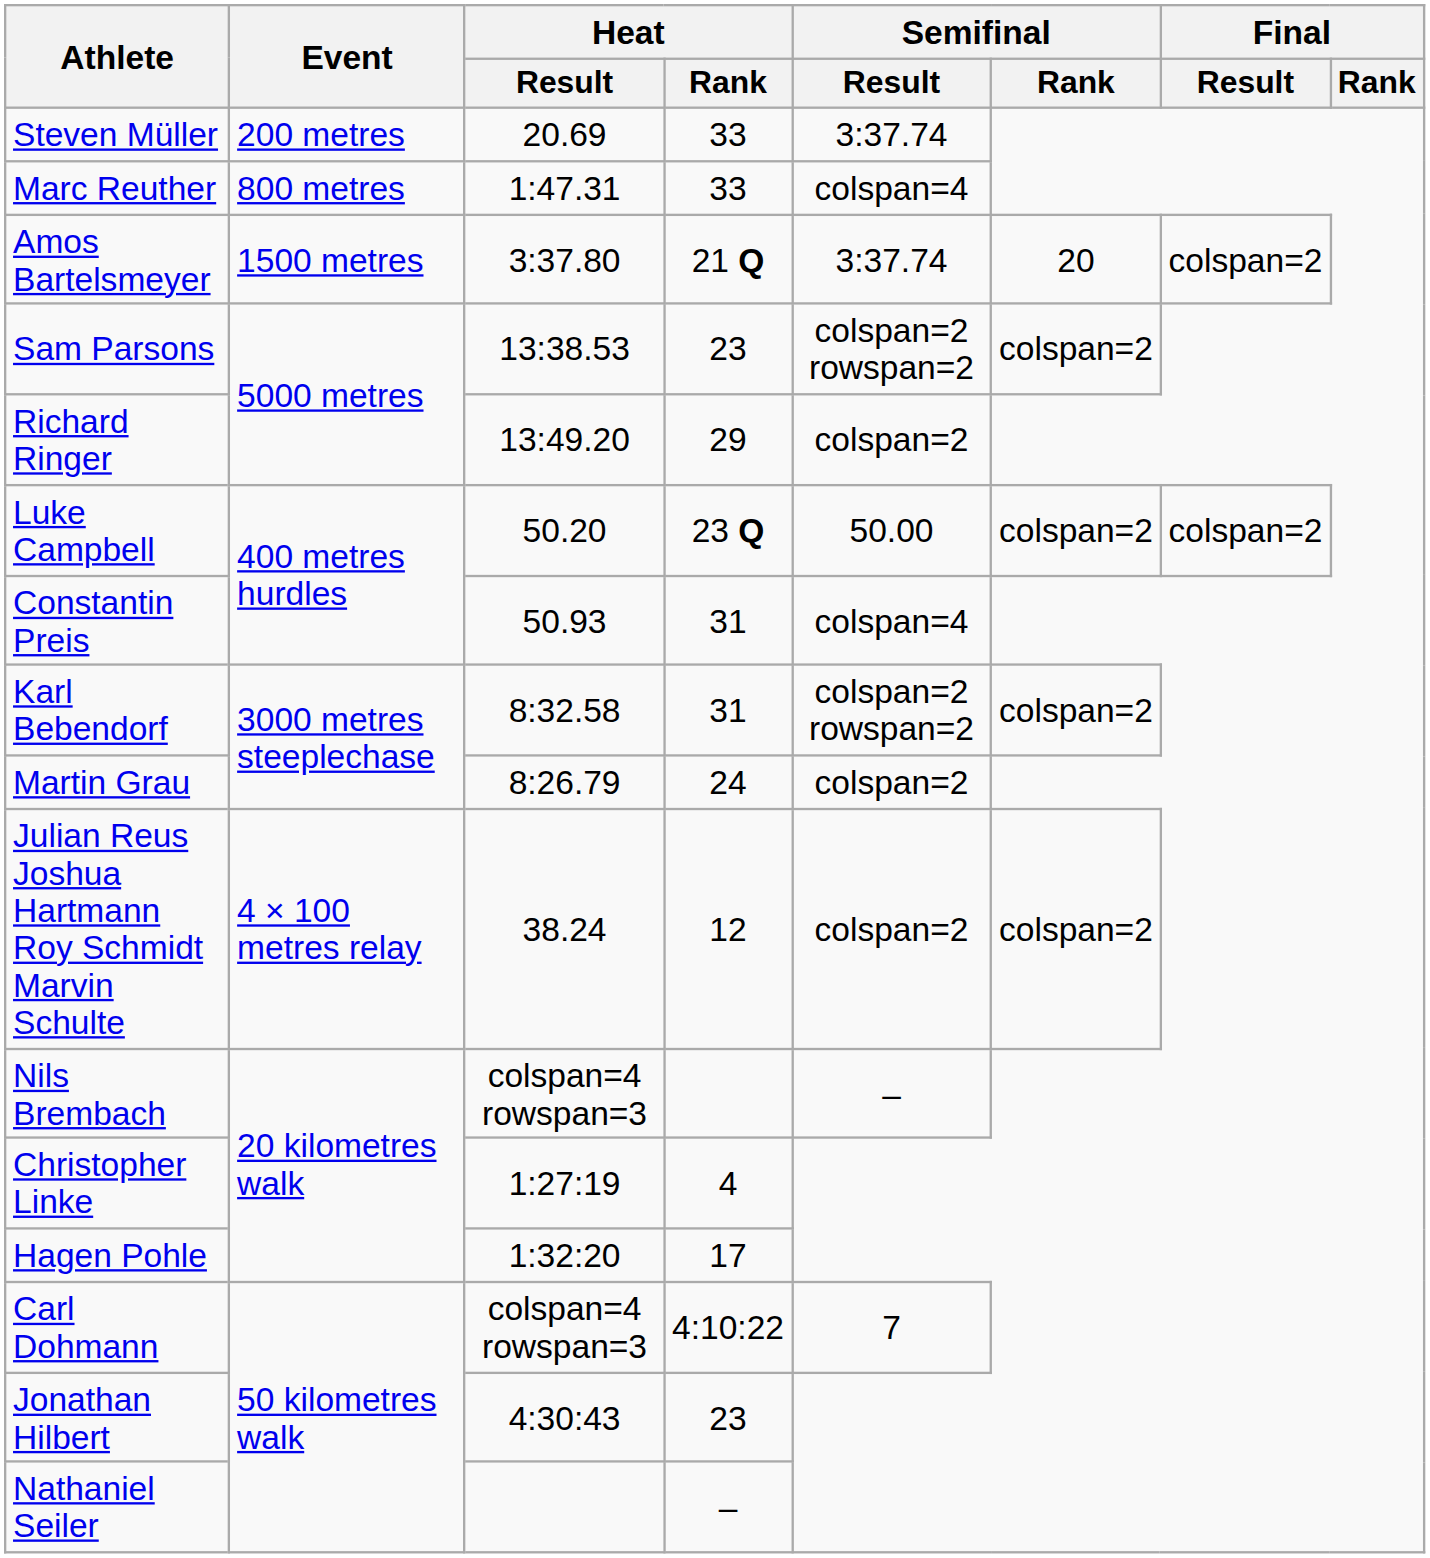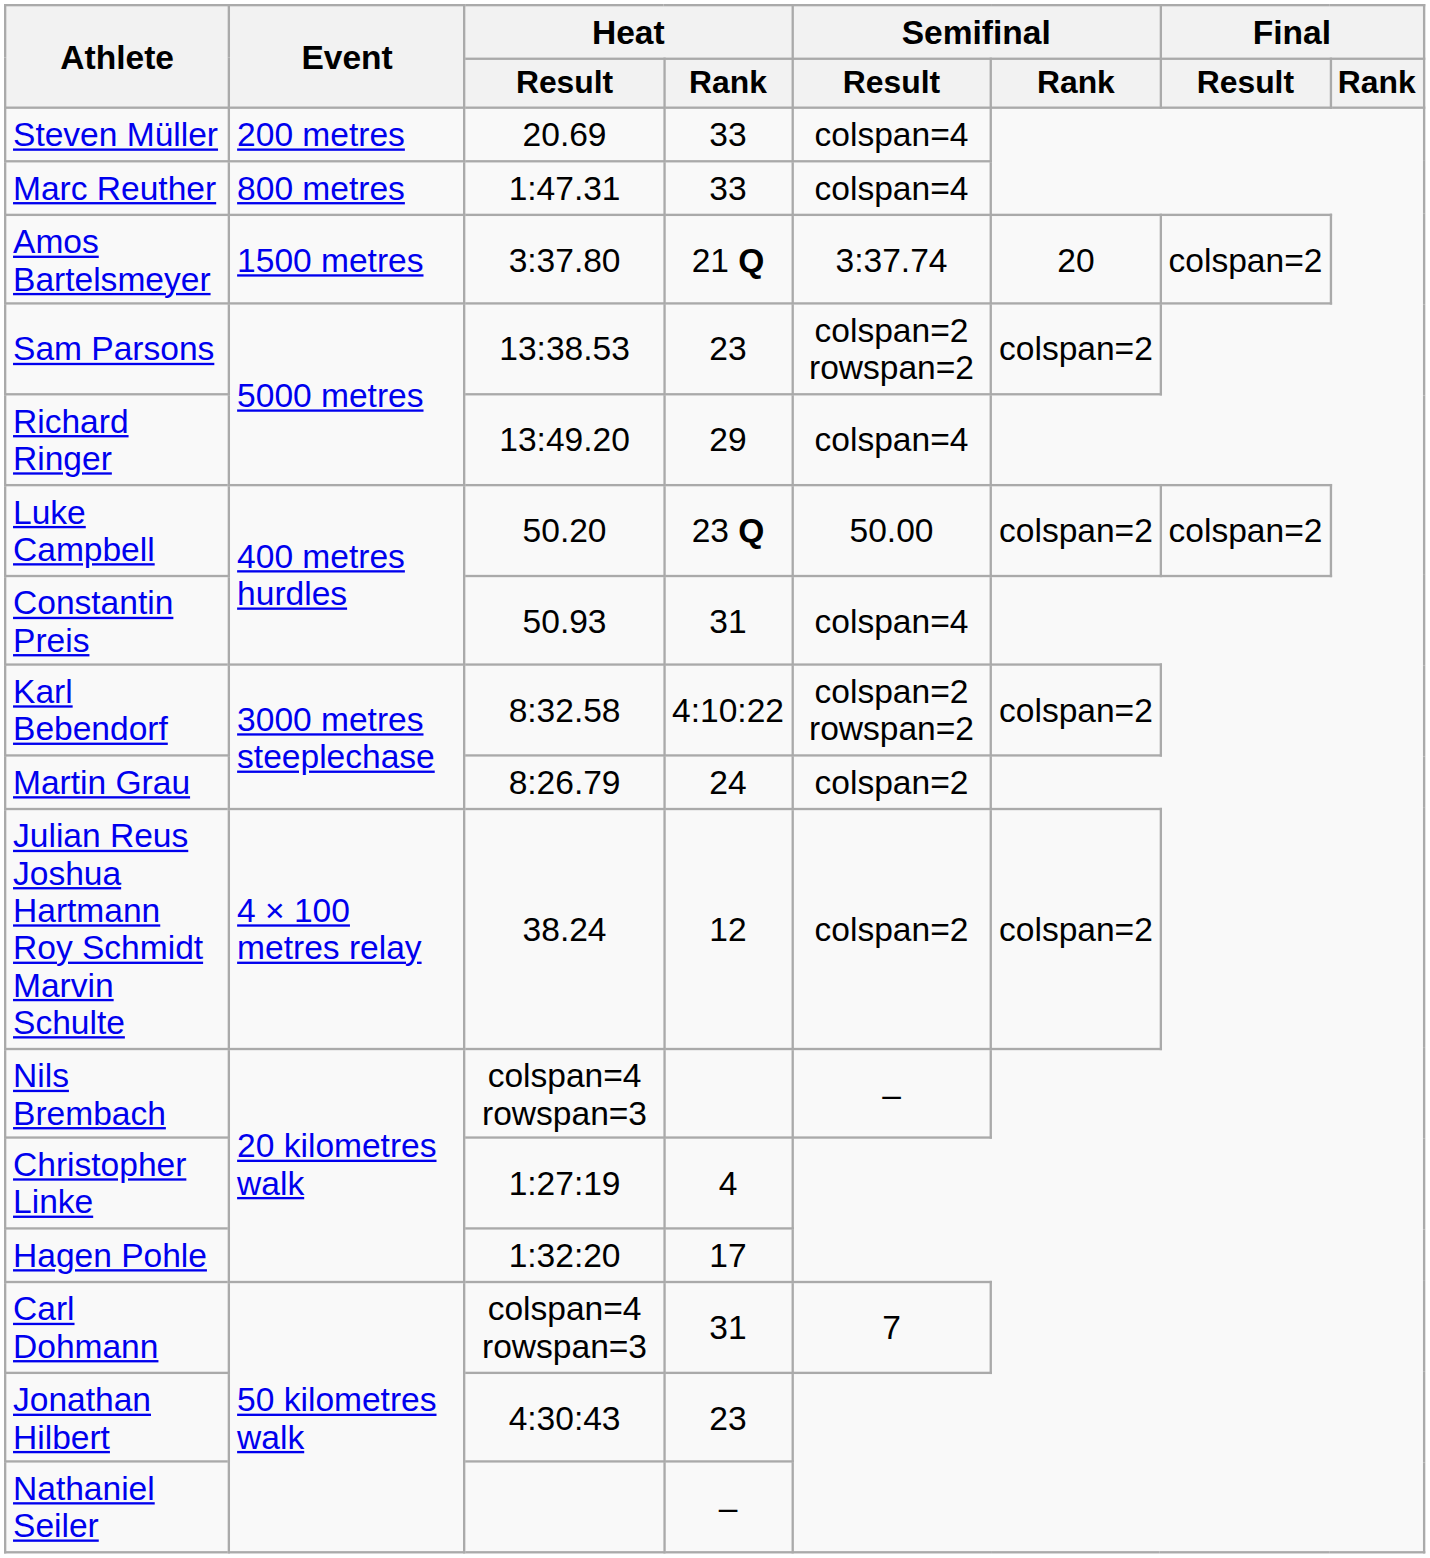 <table class=wikitable style=font-size:90%>
 <tr>
 <th rowspan=2>Athlete</th>
 <th rowspan=2>Event</th>
 <th colspan=2>Heat</th>
 <th colspan=2>Semifinal</th>
 <th colspan=2>Final</th>
 </tr>
 <tr style=font-size:95%>
 <th>Result</th>
 <th>Rank</th>
 <th>Result</th>
 <th>Rank</th>
 <th>Result</th>
 <th>Rank</th>
 </tr>
 <tr align=center>
 <td align=left><a href='#'>Steven Müller</a></td>
 <td align=left><a href='#'>200 metres</a></td>
 <td>20.69</td>
 <td>33</td>
-<td>3:37.74</td>
+<td>colspan=4 </td>
 </tr>
 <tr align=center>
 <td align=left><a href='#'>Marc Reuther</a></td>
 <td align=left><a href='#'>800 metres</a></td>
 <td>1:47.31</td>
 <td>33</td>
 <td>colspan=4 </td>
 </tr>
 <tr align=center>
 <td align=left><a href='#'>Amos Bartelsmeyer</a></td>
 <td align=left><a href='#'>1500 metres</a></td>
 <td>3:37.80</td>
 <td>21 <strong>Q</strong></td>
 <td>3:37.74</td>
 <td>20</td>
 <td>colspan=2 </td>
 </tr>
 <tr align=center>
 <td align=left><a href='#'>Sam Parsons</a></td>
 <td align=left rowspan=2><a href='#'>5000 metres</a></td>
 <td>13:38.53</td>
 <td>23</td>
 <td>colspan=2 rowspan=2 </td>
 <td>colspan=2 </td>
 </tr>
 <tr align=center>
 <td align=left><a href='#'>Richard Ringer</a></td>
 <td>13:49.20</td>
 <td>29</td>
-<td>colspan=2 </td>
+<td>colspan=4 </td>
 </tr>
 <tr align=center>
 <td align=left><a href='#'>Luke Campbell</a></td>
 <td align=left rowspan=2><a href='#'>400 metres hurdles</a></td>
 <td>50.20</td>
 <td>23 <strong>Q</strong></td>
 <td>50.00</td>
 <td>colspan=2 </td>
 <td>colspan=2 </td>
 </tr>
 <tr align=center>
 <td align=left><a href='#'>Constantin Preis</a></td>
 <td>50.93</td>
 <td>31</td>
 <td>colspan=4 </td>
 </tr>
 <tr align=center>
 <td align=left><a href='#'>Karl Bebendorf</a></td>
 <td align=left rowspan=2><a href='#'>3000 metres steeplechase</a></td>
 <td>8:32.58</td>
-<td>31</td>
+<td>4:10:22</td>
 <td>colspan=2 rowspan=2 </td>
 <td>colspan=2 </td>
 </tr>
 <tr align=center>
 <td align=left><a href='#'>Martin Grau</a></td>
 <td>8:26.79 </td>
 <td>24</td>
 <td>colspan=2 </td>
 </tr>
 <tr align=center>
 <td align=left><a href='#'>Julian Reus</a><br><a href='#'>Joshua Hartmann</a><br><a href='#'>Roy Schmidt</a><br><a href='#'>Marvin Schulte</a></td>
 <td align=left><a href='#'>4 × 100 metres relay</a></td>
 <td>38.24 </td>
 <td>12</td>
 <td>colspan=2</td>
 <td>colspan=2 </td>
 </tr>
 <tr align=center>
 <td align=left><a href='#'>Nils Brembach</a></td>
 <td align=left rowspan=3><a href='#'>20 kilometres walk</a></td>
 <td>colspan=4 rowspan=3 </td>
 <td></td>
 <td>–</td>
 </tr>
 <tr align=center>
 <td align=left><a href='#'>Christopher Linke</a></td>
 <td>1:27:19</td>
 <td>4</td>
 </tr>
 <tr align=center>
 <td align=left><a href='#'>Hagen Pohle</a></td>
 <td>1:32:20</td>
 <td>17</td>
 </tr>
 <tr align=center>
 <td align=left><a href='#'>Carl Dohmann</a></td>
 <td align=left rowspan=3><a href='#'>50 kilometres walk</a></td>
 <td>colspan=4 rowspan=3 </td>
-<td>4:10:22</td>
+<td>31</td>
 <td>7</td>
 </tr>
 <tr align=center>
 <td align=left><a href='#'>Jonathan Hilbert</a></td>
 <td>4:30:43</td>
 <td>23</td>
 </tr>
 <tr align=center>
 <td align=left><a href='#'>Nathaniel Seiler</a></td>
 <td></td>
 <td>–</td>
 </tr>
 </table>
